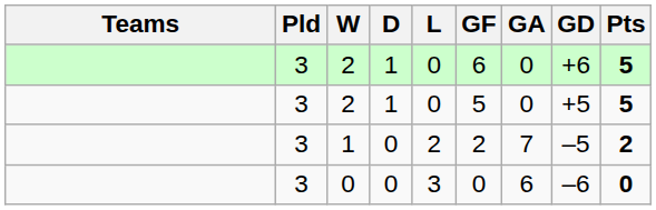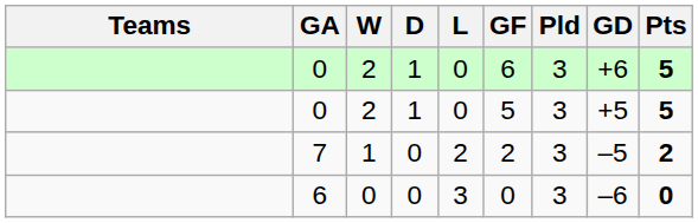 <table class="wikitable" style="text-align: center;">
 <tr>
 <th width=165>Teams</th>
-<th width=20>Pld</th>
+<th width=20>GA</th>
 <th width=20>W</th>
 <th width=20>D</th>
 <th width=20>L</th>
 <th width=20>GF</th>
-<th width=20>GA</th>
+<th width=20>Pld</th>
 <th width=20>GD</th>
 <th width=20>Pts</th>
 </tr>
 <tr align=center style="background:#ccffcc;">
 <td style="text-align:left;"></td>
-<td>3</td>
+<td>0</td>
 <td>2</td>
 <td>1</td>
 <td>0</td>
 <td>6</td>
-<td>0</td>
+<td>3</td>
 <td>+6</td>
 <td><strong>5</strong></td>
 </tr>
 <tr align=center>
 <td style="text-align:left;"></td>
-<td>3</td>
+<td>0</td>
 <td>2</td>
 <td>1</td>
 <td>0</td>
 <td>5</td>
-<td>0</td>
+<td>3</td>
 <td>+5</td>
 <td><strong>5</strong></td>
 </tr>
 <tr align=center>
 <td style="text-align:left;"></td>
-<td>3</td>
+<td>7</td>
 <td>1</td>
 <td>0</td>
 <td>2</td>
 <td>2</td>
-<td>7</td>
+<td>3</td>
 <td>–5</td>
 <td><strong>2</strong></td>
 </tr>
 <tr align=center>
 <td style="text-align:left;"></td>
-<td>3</td>
+<td>6</td>
 <td>0</td>
 <td>0</td>
 <td>3</td>
 <td>0</td>
-<td>6</td>
+<td>3</td>
 <td>–6</td>
 <td><strong>0</strong></td>
 </tr>
 </table>
